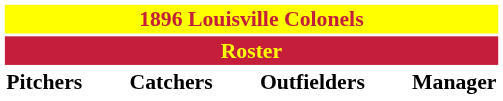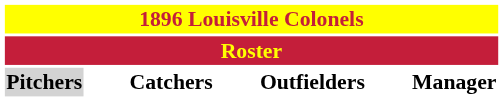 <table class="toccolours" style="font-size: 95%;">
 <tr>
 <th colspan="10" style="background-color: #FFFF00; color: #C41E3A; text-align: center;">1896 Louisville Colonels</th>
 </tr>
 <tr>
 <td colspan="10" style="background-color: #C41E3A; color: yellow; text-align: center;"><strong>Roster</strong></td>
 </tr>
 <tr>
-<td valign="top"><strong>Pitchers</strong><br>         </td>
+<td valign="top" style="background: lightgrey;"><strong>Pitchers</strong><br>         </td>
 <td width="25px"></td>
 <td valign="top"><strong>Catchers</strong><br>                </td>
 <td width="25px"></td>
 <td valign="top"><strong>Outfielders</strong><br>      </td>
 <td width="25px"></td>
 <td valign="top"><strong>Manager</strong><br> </td>
 </tr>
 </table>
